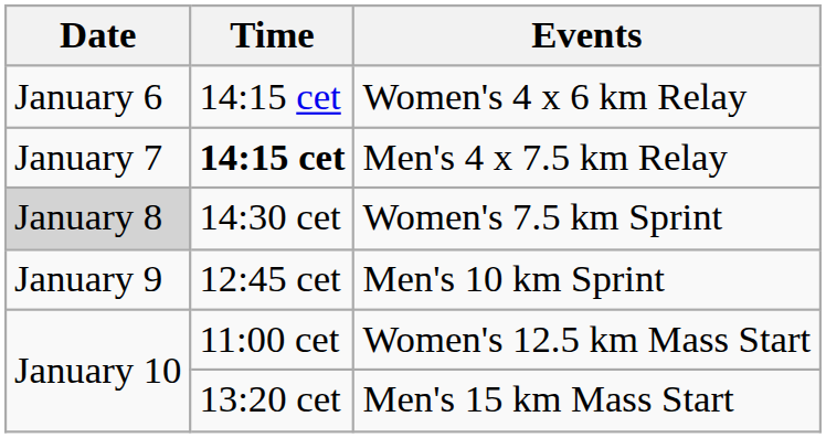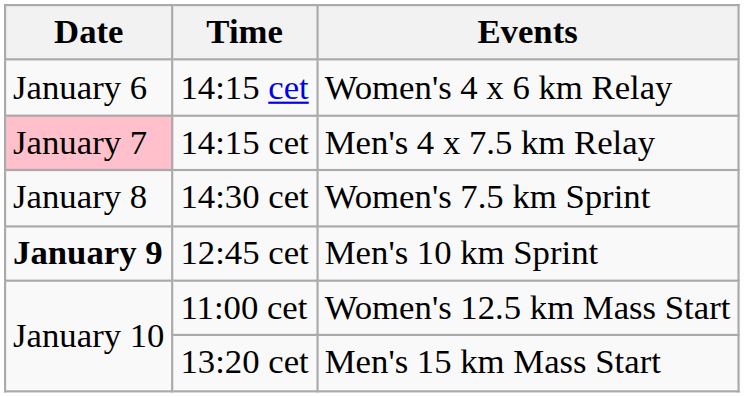 <table class="wikitable" border="1">
 <tr>
 <th>Date</th>
 <th>Time</th>
 <th>Events</th>
 </tr>
 <tr>
 <td>January 6</td>
 <td>14:15 <a href='#'>cet</a></td>
 <td>Women's 4 x 6 km Relay</td>
 </tr>
 <tr>
-<td>January 7</td>
-<td><strong>14:15 cet</strong></td>
+<td style="background: pink;">January 7</td>
+<td>14:15 cet</td>
 <td>Men's 4 x 7.5 km Relay</td>
 </tr>
 <tr>
-<td style="background: lightgrey;">January 8</td>
+<td>January 8</td>
 <td>14:30 cet</td>
 <td>Women's 7.5 km Sprint</td>
 </tr>
 <tr>
-<td>January 9</td>
+<td><strong>January 9</strong></td>
 <td>12:45 cet</td>
 <td>Men's 10 km Sprint</td>
 </tr>
 <tr>
 <td rowspan=2>January 10</td>
 <td>11:00 cet</td>
 <td>Women's 12.5 km Mass Start</td>
 </tr>
 <tr>
 <td>13:20 cet</td>
 <td>Men's 15 km Mass Start</td>
 </tr>
 </table>
